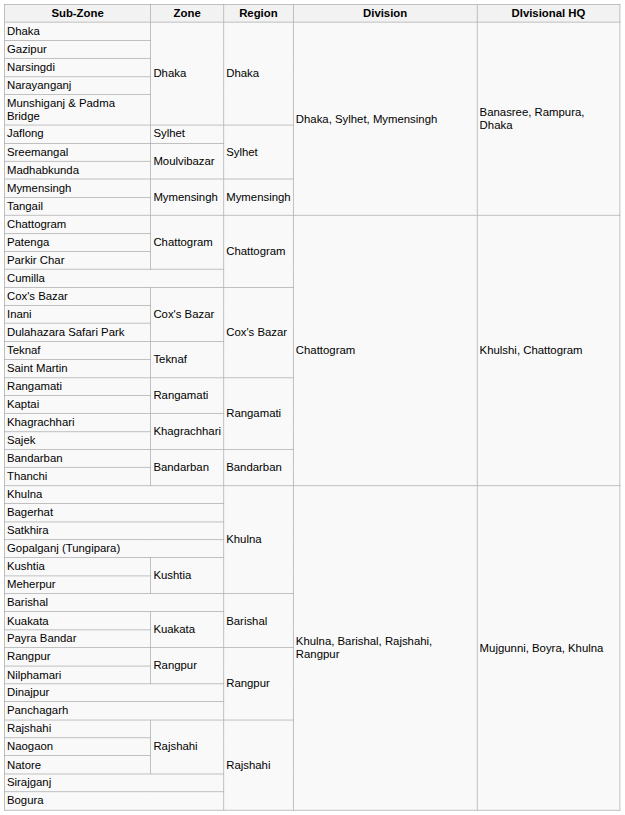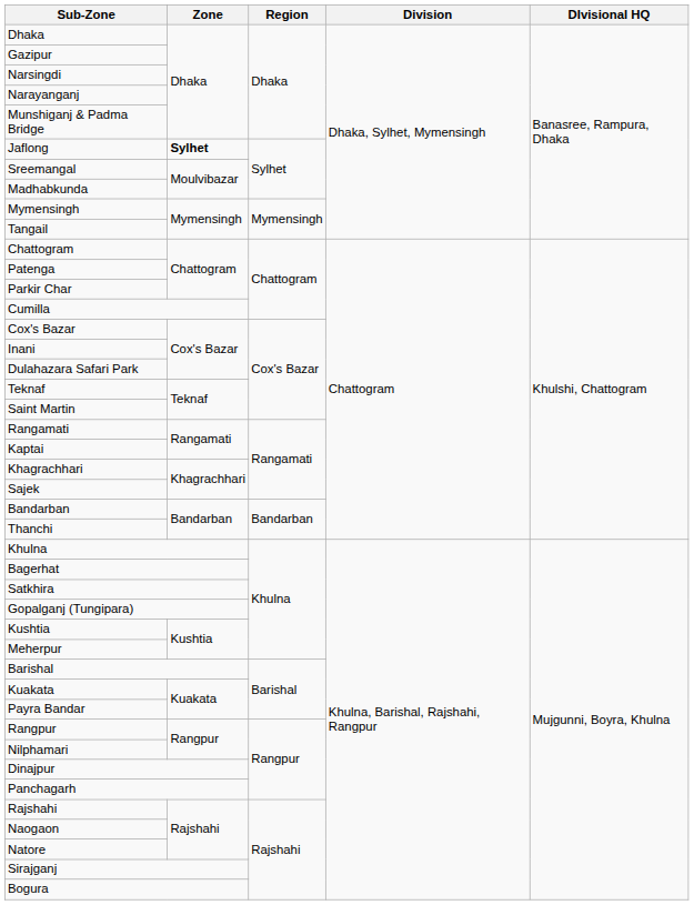 <table class="wikitable">
 <tr>
 <th>Sub-Zone</th>
 <th>Zone</th>
 <th>Region</th>
 <th>Division</th>
 <th>DIvisional HQ</th>
 </tr>
 <tr>
 <td>Dhaka</td>
 <td rowspan="5">Dhaka</td>
 <td rowspan="5">Dhaka</td>
 <td rowspan="10">Dhaka, Sylhet, Mymensingh</td>
 <td rowspan="10">Banasree, Rampura, Dhaka</td>
 </tr>
 <tr>
 <td>Gazipur</td>
 </tr>
 <tr>
 <td>Narsingdi</td>
 </tr>
 <tr>
 <td>Narayanganj</td>
 </tr>
 <tr>
 <td>Munshiganj & Padma Bridge</td>
 </tr>
 <tr>
 <td>Jaflong</td>
-<td>Sylhet</td>
+<td><strong>Sylhet</strong></td>
 <td rowspan="3">Sylhet</td>
 </tr>
 <tr>
 <td>Sreemangal</td>
 <td rowspan="2">Moulvibazar</td>
 </tr>
 <tr>
 <td>Madhabkunda</td>
 </tr>
 <tr>
 <td>Mymensingh</td>
 <td rowspan="2">Mymensingh</td>
 <td rowspan="2">Mymensingh</td>
 </tr>
 <tr>
 <td>Tangail</td>
 </tr>
 <tr>
 <td>Chattogram</td>
 <td rowspan="3">Chattogram</td>
 <td rowspan="4">Chattogram</td>
 <td rowspan="15">Chattogram</td>
 <td rowspan="15">Khulshi, Chattogram</td>
 </tr>
 <tr>
 <td>Patenga</td>
 </tr>
 <tr>
 <td>Parkir Char</td>
 </tr>
 <tr>
 <td colspan="2">Cumilla</td>
 </tr>
 <tr>
 <td>Cox's Bazar</td>
 <td rowspan="3">Cox's Bazar</td>
 <td rowspan="5">Cox's Bazar</td>
 </tr>
 <tr>
 <td>Inani</td>
 </tr>
 <tr>
 <td>Dulahazara Safari Park</td>
 </tr>
 <tr>
 <td>Teknaf</td>
 <td rowspan="2">Teknaf</td>
 </tr>
 <tr>
 <td>Saint Martin</td>
 </tr>
 <tr>
 <td>Rangamati</td>
 <td rowspan="2">Rangamati</td>
 <td rowspan="4">Rangamati</td>
 </tr>
 <tr>
 <td>Kaptai</td>
 </tr>
 <tr>
 <td>Khagrachhari</td>
 <td rowspan="2">Khagrachhari</td>
 </tr>
 <tr>
 <td>Sajek</td>
 </tr>
 <tr>
 <td>Bandarban</td>
 <td rowspan="2">Bandarban</td>
 <td rowspan="2">Bandarban</td>
 </tr>
 <tr>
 <td>Thanchi</td>
 </tr>
 <tr>
 <td colspan="2">Khulna</td>
 <td rowspan="6">Khulna</td>
 <td rowspan="18">Khulna, Barishal, Rajshahi, Rangpur</td>
 <td rowspan="18">Mujgunni, Boyra, Khulna</td>
 </tr>
 <tr>
 <td colspan="2">Bagerhat</td>
 </tr>
 <tr>
 <td colspan="2">Satkhira</td>
 </tr>
 <tr>
 <td colspan="2">Gopalganj (Tungipara)</td>
 </tr>
 <tr>
 <td>Kushtia</td>
 <td rowspan="2">Kushtia</td>
 </tr>
 <tr>
 <td>Meherpur</td>
 </tr>
 <tr>
 <td colspan="2">Barishal</td>
 <td rowspan="3">Barishal</td>
 </tr>
 <tr>
 <td>Kuakata</td>
 <td rowspan="2">Kuakata</td>
 </tr>
 <tr>
 <td>Payra Bandar</td>
 </tr>
 <tr>
 <td>Rangpur</td>
 <td rowspan="2">Rangpur</td>
 <td rowspan="4">Rangpur</td>
 </tr>
 <tr>
 <td>Nilphamari</td>
 </tr>
 <tr>
 <td colspan="2">Dinajpur</td>
 </tr>
 <tr>
 <td colspan="2">Panchagarh</td>
 </tr>
 <tr>
 <td>Rajshahi</td>
 <td rowspan="3">Rajshahi</td>
 <td rowspan="5">Rajshahi</td>
 </tr>
 <tr>
 <td>Naogaon</td>
 </tr>
 <tr>
 <td>Natore</td>
 </tr>
 <tr>
 <td colspan="2">Sirajganj</td>
 </tr>
 <tr>
 <td colspan="2">Bogura</td>
 </tr>
 </table>
